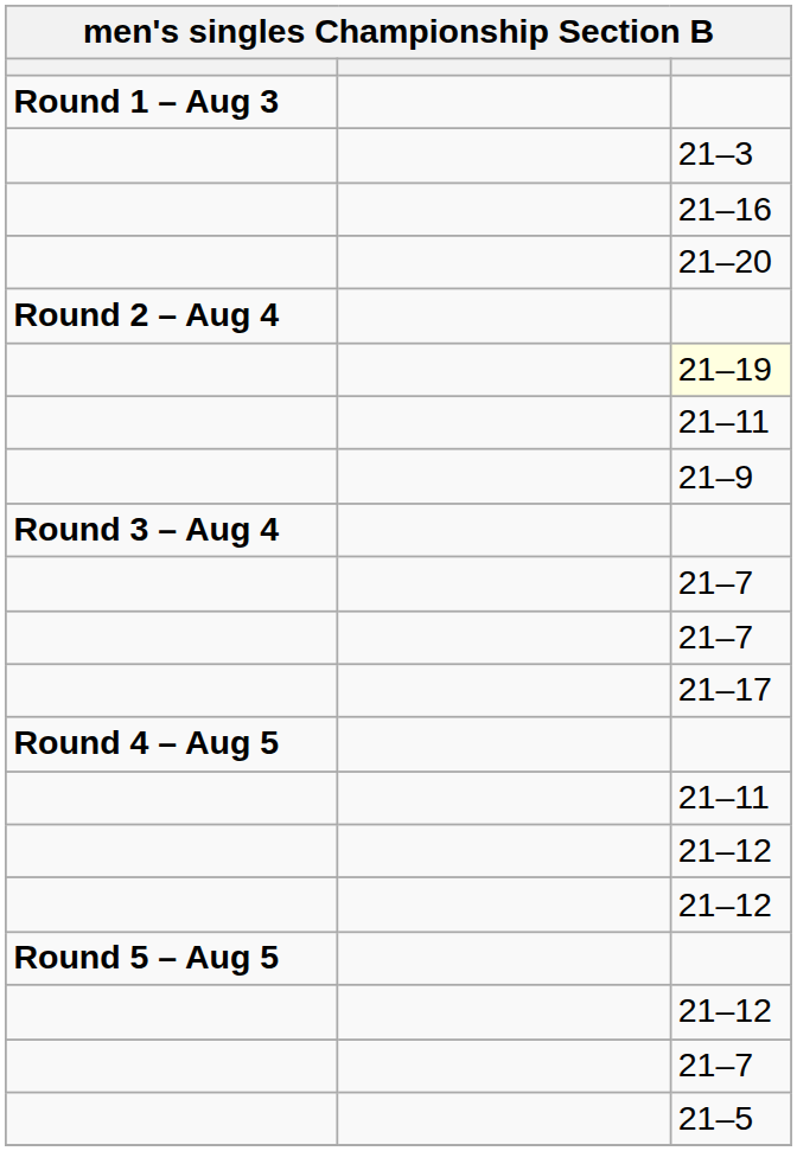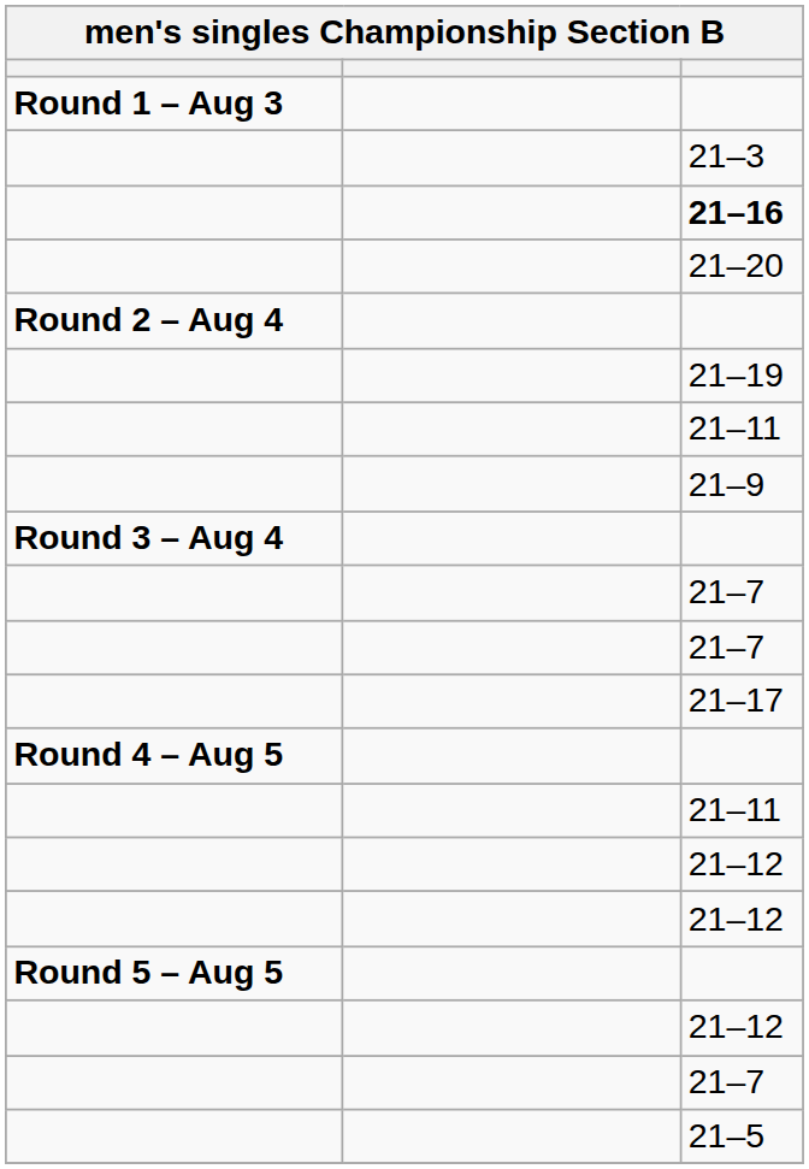 <table class="wikitable">
 <tr>
 <th colspan="3">men's singles Championship Section B</th>
 </tr>
 <tr>
 <th width=150></th>
 <th width=150></th>
 <th width=50></th>
 </tr>
 <tr>
 <td><strong>Round 1 – Aug 3</strong></td>
 <td></td>
 <td></td>
 </tr>
 <tr>
 <td></td>
 <td></td>
 <td>21–3</td>
 </tr>
 <tr>
 <td></td>
 <td></td>
-<td>21–16</td>
+<td><strong>21–16</strong></td>
 </tr>
 <tr>
 <td></td>
 <td></td>
 <td>21–20</td>
 </tr>
 <tr>
 <td><strong>Round 2 – Aug 4</strong></td>
 <td></td>
 <td></td>
 </tr>
 <tr>
 <td></td>
 <td></td>
-<td style="background: lightyellow;">21–19</td>
+<td>21–19</td>
 </tr>
 <tr>
 <td></td>
 <td></td>
 <td>21–11</td>
 </tr>
 <tr>
 <td></td>
 <td></td>
 <td>21–9</td>
 </tr>
 <tr>
 <td><strong>Round 3 – Aug 4</strong></td>
 <td></td>
 <td></td>
 </tr>
 <tr>
 <td></td>
 <td></td>
 <td>21–7</td>
 </tr>
 <tr>
 <td></td>
 <td></td>
 <td>21–7</td>
 </tr>
 <tr>
 <td></td>
 <td></td>
 <td>21–17</td>
 </tr>
 <tr>
 <td><strong>Round 4 – Aug 5</strong></td>
 <td></td>
 <td></td>
 </tr>
 <tr>
 <td></td>
 <td></td>
 <td>21–11</td>
 </tr>
 <tr>
 <td></td>
 <td></td>
 <td>21–12</td>
 </tr>
 <tr>
 <td></td>
 <td></td>
 <td>21–12</td>
 </tr>
 <tr>
 <td><strong>Round 5 – Aug 5</strong></td>
 <td></td>
 <td></td>
 </tr>
 <tr>
 <td></td>
 <td></td>
 <td>21–12</td>
 </tr>
 <tr>
 <td></td>
 <td></td>
 <td>21–7</td>
 </tr>
 <tr>
 <td></td>
 <td></td>
 <td>21–5</td>
 </tr>
 <tr>
 </tr>
 </table>
